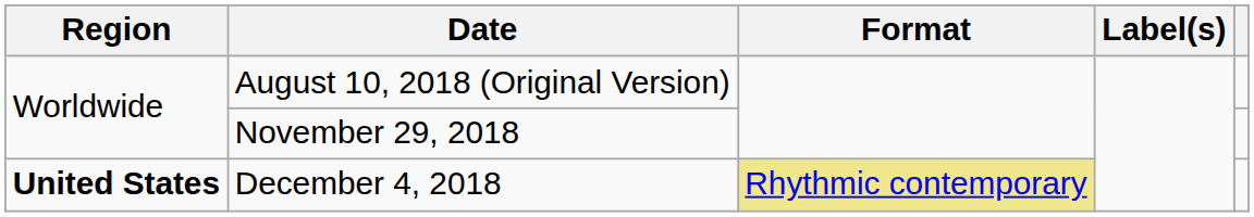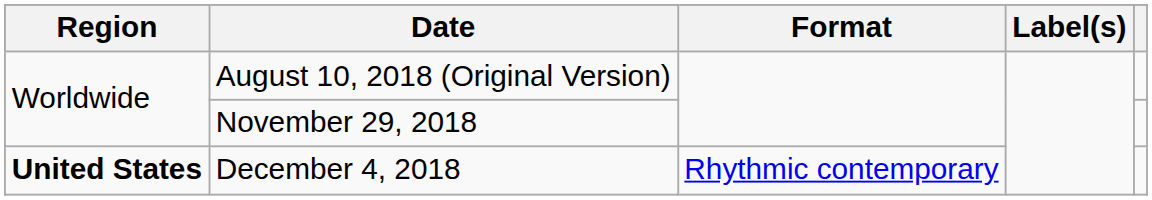 <table class="wikitable plainrowheaders">
 <tr>
 <th>Region</th>
 <th>Date</th>
 <th>Format</th>
 <th>Label(s)</th>
 <th></th>
 </tr>
 <tr>
 <td rowspan="2">Worldwide</td>
 <td>August 10, 2018 (Original Version)</td>
 <td rowspan = "2"></td>
 <td rowspan="3"></td>
 <td></td>
 </tr>
 <tr>
 <td>November 29, 2018</td>
 <td></td>
 </tr>
 <tr>
 <td><strong>United States</strong></td>
 <td>December 4, 2018</td>
-<td style="background: khaki;"><a href='#'>Rhythmic contemporary</a></td>
+<td><a href='#'>Rhythmic contemporary</a></td>
 <td></td>
 </tr>
 </table>
